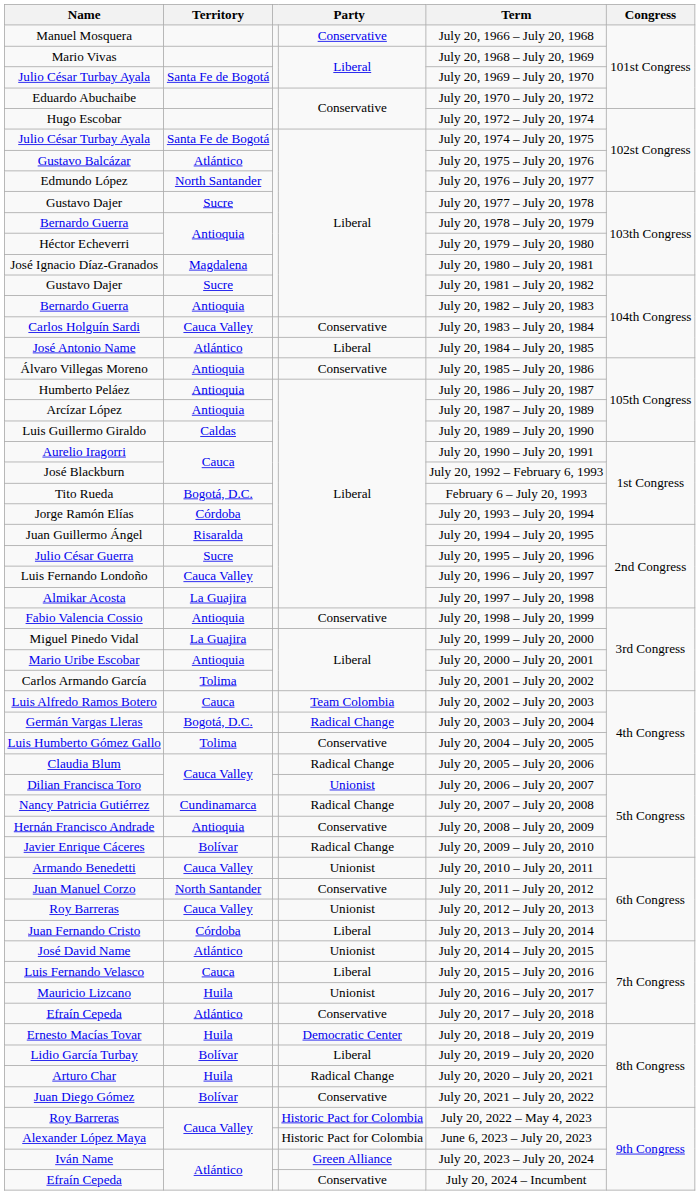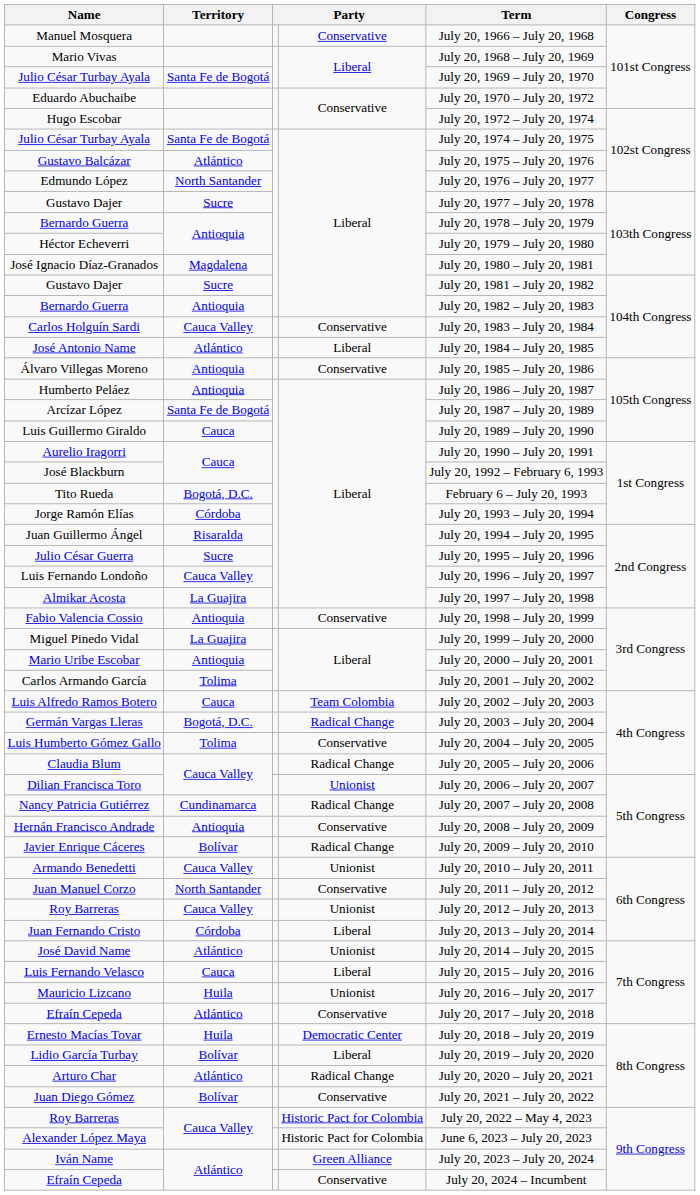 <table class="wikitable sortable" style="text-align:center">
 <tr>
 <th scope="col">Name</th>
 <th scope="col">Territory</th>
 <th scope="col" colspan=2>Party</th>
 <th scope="col" class="unsortable">Term</th>
 <th scope="col">Congress</th>
 </tr>
 <tr>
 <td>Manuel Mosquera</td>
 <td></td>
 <td style="background-color:"></td>
 <td><a href='#'>Conservative</a></td>
 <td>July 20, 1966 – July 20, 1968</td>
 <td rowspan=4>101st Congress</td>
 </tr>
 <tr>
 <td>Mario Vivas</td>
 <td></td>
 <td rowspan=2 style="background-color:"></td>
 <td rowspan=2><a href='#'>Liberal</a></td>
 <td>July 20, 1968 – July 20, 1969</td>
 </tr>
 <tr>
 <td><a href='#'>Julio César Turbay Ayala</a></td>
 <td><a href='#'>Santa Fe de Bogotá</a></td>
 <td>July 20, 1969 – July 20, 1970</td>
 </tr>
 <tr>
 <td>Eduardo Abuchaibe</td>
 <td></td>
 <td rowspan=2 style="background-color:"></td>
 <td rowspan=2>Conservative</td>
 <td>July 20, 1970 – July 20, 1972</td>
 </tr>
 <tr>
 <td>Hugo Escobar</td>
 <td></td>
 <td>July 20, 1972 – July 20, 1974</td>
 <td rowspan=4>102st Congress</td>
 </tr>
 <tr>
 <td><a href='#'>Julio César Turbay Ayala</a></td>
 <td><a href='#'>Santa Fe de Bogotá</a></td>
 <td rowspan=9 style="background-color:"></td>
 <td rowspan=9>Liberal</td>
 <td>July 20, 1974 – July 20, 1975</td>
 </tr>
 <tr>
 <td><a href='#'>Gustavo Balcázar</a></td>
 <td><a href='#'>Atlántico</a></td>
 <td>July 20, 1975 – July 20, 1976</td>
 </tr>
 <tr>
 <td>Edmundo López</td>
 <td><a href='#'>North Santander</a></td>
 <td>July 20, 1976 – July 20, 1977</td>
 </tr>
 <tr>
 <td>Gustavo Dajer</td>
 <td><a href='#'>Sucre</a></td>
 <td>July 20, 1977 – July 20, 1978</td>
 <td rowspan=4>103th Congress</td>
 </tr>
 <tr>
 <td><a href='#'>Bernardo Guerra</a></td>
 <td rowspan=2><a href='#'>Antioquia</a></td>
 <td>July 20, 1978 – July 20, 1979</td>
 </tr>
 <tr>
 <td>Héctor Echeverri</td>
 <td>July 20, 1979 – July 20, 1980</td>
 </tr>
 <tr>
 <td>José Ignacio Díaz-Granados</td>
 <td><a href='#'>Magdalena</a></td>
 <td>July 20, 1980 – July 20, 1981</td>
 </tr>
 <tr>
 <td>Gustavo Dajer</td>
 <td><a href='#'>Sucre</a></td>
 <td>July 20, 1981 – July 20, 1982</td>
 <td rowspan=4>104th Congress</td>
 </tr>
 <tr>
 <td><a href='#'>Bernardo Guerra</a></td>
 <td><a href='#'>Antioquia</a></td>
 <td>July 20, 1982 – July 20, 1983</td>
 </tr>
 <tr>
 <td><a href='#'>Carlos Holguín Sardi</a></td>
 <td><a href='#'>Cauca Valley</a></td>
 <td style="background-color:"></td>
 <td>Conservative</td>
 <td>July 20, 1983 – July 20, 1984</td>
 </tr>
 <tr>
 <td><a href='#'>José Antonio Name</a></td>
 <td><a href='#'>Atlántico</a></td>
 <td style="background-color:"></td>
 <td>Liberal</td>
 <td>July 20, 1984 – July 20, 1985</td>
 </tr>
 <tr>
 <td>Álvaro Villegas Moreno</td>
 <td><a href='#'>Antioquia</a></td>
 <td style="background-color:"></td>
 <td>Conservative</td>
 <td>July 20, 1985 – July 20, 1986</td>
 <td rowspan=4>105th Congress</td>
 </tr>
 <tr>
 <td>Humberto Peláez</td>
 <td><a href='#'>Antioquia</a></td>
 <td rowspan=11 style="background-color:"></td>
 <td rowspan=11>Liberal</td>
 <td>July 20, 1986 – July 20, 1987</td>
 </tr>
 <tr>
 <td>Arcízar López</td>
-<td><a href='#'>Antioquia</a></td>
+<td><a href='#'>Santa Fe de Bogotá</a></td>
 <td>July 20, 1987 – July 20, 1989</td>
 </tr>
 <tr>
 <td>Luis Guillermo Giraldo</td>
-<td><a href='#'>Caldas</a></td>
+<td><a href='#'>Cauca</a></td>
 <td>July 20, 1989 – July 20, 1990</td>
 </tr>
 <tr>
 <td><a href='#'>Aurelio Iragorri</a></td>
 <td rowspan=2><a href='#'>Cauca</a></td>
 <td>July 20, 1990 – July 20, 1991</td>
 <td rowspan=4>1st Congress</td>
 </tr>
 <tr>
 <td>José Blackburn</td>
 <td>July 20, 1992 – February 6, 1993</td>
 </tr>
 <tr>
 <td>Tito Rueda</td>
 <td><a href='#'>Bogotá, D.C.</a></td>
 <td>February 6 – July 20, 1993</td>
 </tr>
 <tr>
 <td>Jorge Ramón Elías</td>
 <td><a href='#'>Córdoba</a></td>
 <td>July 20, 1993 – July 20, 1994</td>
 </tr>
 <tr>
 <td>Juan Guillermo Ángel</td>
 <td><a href='#'>Risaralda</a></td>
 <td>July 20, 1994 – July 20, 1995</td>
 <td rowspan=4>2nd Congress</td>
 </tr>
 <tr>
 <td><a href='#'>Julio César Guerra</a></td>
 <td><a href='#'>Sucre</a></td>
 <td>July 20, 1995 – July 20, 1996</td>
 </tr>
 <tr>
 <td>Luis Fernando Londoño</td>
 <td><a href='#'>Cauca Valley</a></td>
 <td>July 20, 1996 – July 20, 1997</td>
 </tr>
 <tr>
 <td><a href='#'>Almikar Acosta</a></td>
 <td><a href='#'>La Guajira</a></td>
 <td>July 20, 1997 – July 20, 1998</td>
 </tr>
 <tr>
 <td><a href='#'>Fabio Valencia Cossio</a></td>
 <td><a href='#'>Antioquia</a></td>
 <td style="background-color:"></td>
 <td>Conservative</td>
 <td>July 20, 1998 – July 20, 1999</td>
 <td rowspan=4>3rd Congress</td>
 </tr>
 <tr>
 <td>Miguel Pinedo Vidal</td>
 <td><a href='#'>La Guajira</a></td>
 <td rowspan=3 style="background-color:"></td>
 <td rowspan=3>Liberal</td>
 <td>July 20, 1999 – July 20, 2000</td>
 </tr>
 <tr>
 <td><a href='#'>Mario Uribe Escobar</a></td>
 <td><a href='#'>Antioquia</a></td>
 <td>July 20, 2000 – July 20, 2001</td>
 </tr>
 <tr>
 <td>Carlos Armando García</td>
 <td><a href='#'>Tolima</a></td>
 <td>July 20, 2001 – July 20, 2002</td>
 </tr>
 <tr>
 <td><a href='#'>Luis Alfredo Ramos Botero</a></td>
 <td><a href='#'>Cauca</a></td>
 <td style="background-color:"></td>
 <td><a href='#'>Team Colombia</a></td>
 <td>July 20, 2002 – July 20, 2003</td>
 <td rowspan=4>4th Congress</td>
 </tr>
 <tr>
 <td><a href='#'>Germán Vargas Lleras</a></td>
 <td><a href='#'>Bogotá, D.C.</a></td>
 <td style="background-color:"></td>
 <td><a href='#'>Radical Change</a></td>
 <td>July 20, 2003 – July 20, 2004</td>
 </tr>
 <tr>
 <td><a href='#'>Luis Humberto Gómez Gallo</a></td>
 <td><a href='#'>Tolima</a></td>
 <td style="background-color:"></td>
 <td>Conservative</td>
 <td>July 20, 2004 – July 20, 2005</td>
 </tr>
 <tr>
 <td><a href='#'>Claudia Blum</a></td>
 <td rowspan=2><a href='#'>Cauca Valley</a></td>
 <td style="background-color:"></td>
 <td>Radical Change</td>
 <td>July 20, 2005 – July 20, 2006</td>
 </tr>
 <tr>
 <td><a href='#'>Dilian Francisca Toro</a></td>
 <td style="background-color:"></td>
 <td><a href='#'>Unionist</a></td>
 <td>July 20, 2006 – July 20, 2007</td>
 <td rowspan=4>5th Congress</td>
 </tr>
 <tr>
 <td><a href='#'>Nancy Patricia Gutiérrez</a></td>
 <td><a href='#'>Cundinamarca</a></td>
 <td style="background-color:"></td>
 <td>Radical Change</td>
 <td>July 20, 2007 – July 20, 2008</td>
 </tr>
 <tr>
 <td><a href='#'>Hernán Francisco Andrade</a></td>
 <td><a href='#'>Antioquia</a></td>
 <td style="background-color:"></td>
 <td>Conservative</td>
 <td>July 20, 2008 – July 20, 2009</td>
 </tr>
 <tr>
 <td><a href='#'>Javier Enrique Cáceres</a></td>
 <td><a href='#'>Bolívar</a></td>
 <td style="background-color:"></td>
 <td>Radical Change</td>
 <td>July 20, 2009 – July 20, 2010</td>
 </tr>
 <tr>
 <td><a href='#'>Armando Benedetti</a></td>
 <td><a href='#'>Cauca Valley</a></td>
 <td style="background-color:"></td>
 <td>Unionist</td>
 <td>July 20, 2010 – July 20, 2011</td>
 <td rowspan=4>6th Congress</td>
 </tr>
 <tr>
 <td><a href='#'>Juan Manuel Corzo</a></td>
 <td><a href='#'>North Santander</a></td>
 <td style="background-color:"></td>
 <td>Conservative</td>
 <td>July 20, 2011 – July 20, 2012</td>
 </tr>
 <tr>
 <td><a href='#'>Roy Barreras</a></td>
 <td><a href='#'>Cauca Valley</a></td>
 <td style="background-color:"></td>
 <td>Unionist</td>
 <td>July 20, 2012 – July 20, 2013</td>
 </tr>
 <tr>
 <td><a href='#'>Juan Fernando Cristo</a></td>
 <td><a href='#'>Córdoba</a></td>
 <td style="background-color:"></td>
 <td>Liberal</td>
 <td>July 20, 2013 – July 20, 2014</td>
 </tr>
 <tr>
 <td><a href='#'>José David Name</a></td>
 <td><a href='#'>Atlántico</a></td>
 <td style="background-color:"></td>
 <td>Unionist</td>
 <td>July 20, 2014 – July 20, 2015</td>
 <td rowspan=4>7th Congress</td>
 </tr>
 <tr>
 <td><a href='#'>Luis Fernando Velasco</a></td>
 <td><a href='#'>Cauca</a></td>
 <td style="background-color:"></td>
 <td>Liberal</td>
 <td>July 20, 2015 – July 20, 2016</td>
 </tr>
 <tr>
 <td><a href='#'>Mauricio Lizcano</a></td>
 <td><a href='#'>Huila</a></td>
 <td style="background-color:"></td>
 <td>Unionist</td>
 <td>July 20, 2016 – July 20, 2017</td>
 </tr>
 <tr>
 <td><a href='#'>Efraín Cepeda</a></td>
 <td><a href='#'>Atlántico</a></td>
 <td style="background-color:"></td>
 <td>Conservative</td>
 <td>July 20, 2017 – July 20, 2018</td>
 </tr>
 <tr>
 <td><a href='#'>Ernesto Macías Tovar</a></td>
 <td><a href='#'>Huila</a></td>
 <td style="background-color:"></td>
 <td><a href='#'>Democratic Center</a></td>
 <td>July 20, 2018 – July 20, 2019</td>
 <td rowspan=4>8th Congress</td>
 </tr>
 <tr>
 <td><a href='#'>Lidio García Turbay</a></td>
 <td><a href='#'>Bolívar</a></td>
 <td style="background-color:"></td>
 <td>Liberal</td>
 <td>July 20, 2019 – July 20, 2020</td>
 </tr>
 <tr>
 <td><a href='#'>Arturo Char</a></td>
-<td><a href='#'>Huila</a></td>
+<td><a href='#'>Atlántico</a></td>
 <td style="background-color:"></td>
 <td>Radical Change</td>
 <td>July 20, 2020 – July 20, 2021</td>
 </tr>
 <tr>
 <td><a href='#'>Juan Diego Gómez</a></td>
 <td><a href='#'>Bolívar</a></td>
 <td style="background-color:"></td>
 <td>Conservative</td>
 <td>July 20, 2021 – July 20, 2022</td>
 </tr>
 <tr>
 <td><a href='#'>Roy Barreras</a></td>
 <td rowspan=2><a href='#'>Cauca Valley</a></td>
 <td style="background-color:"></td>
 <td><a href='#'>Historic Pact for Colombia</a></td>
 <td>July 20, 2022 – May 4, 2023</td>
 <td rowspan=4><a href='#'>9th Congress</a></td>
 </tr>
 <tr>
 <td><a href='#'>Alexander López Maya</a></td>
 <td style="background-color:"></td>
 <td>Historic Pact for Colombia</td>
 <td>June 6, 2023 – July 20, 2023</td>
 </tr>
 <tr>
 <td><a href='#'>Iván Name</a></td>
 <td rowspan=2><a href='#'>Atlántico</a></td>
 <td style="background-color:"></td>
 <td><a href='#'>Green Alliance</a></td>
 <td>July 20, 2023 – July 20, 2024</td>
 </tr>
 <tr>
 <td><a href='#'>Efraín Cepeda</a></td>
 <td style="background-color:"></td>
 <td>Conservative</td>
 <td>July 20, 2024 – Incumbent</td>
 </tr>
 </table>
